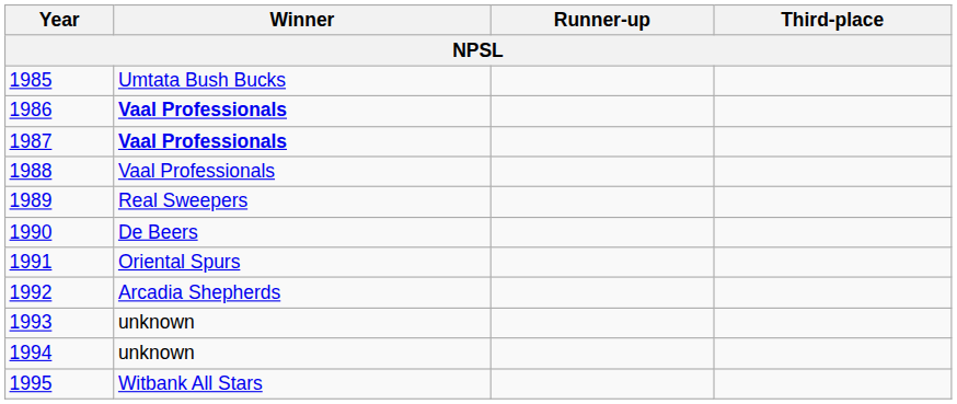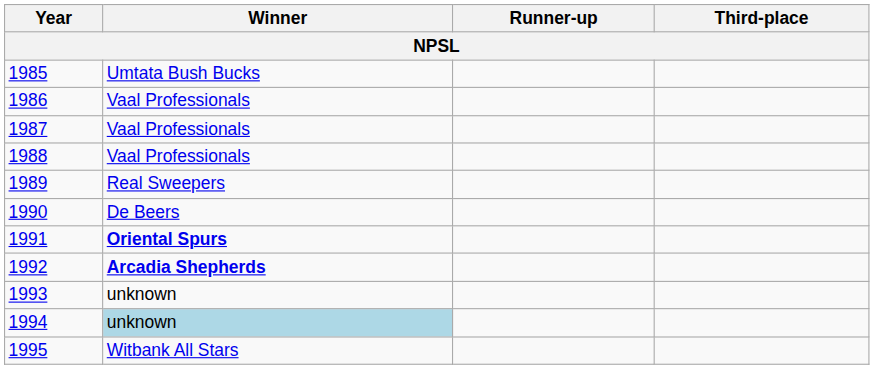 <table class="wikitable"  style="margin-right: auto; border: none; width:40%;">
 <tr>
 <th>Year</th>
 <th>Winner</th>
 <th>Runner-up</th>
 <th>Third-place</th>
 </tr>
 <tr>
 <th colspan="4">NPSL</th>
 </tr>
 <tr>
 <td><a href='#'>1985</a></td>
 <td><a href='#'>Umtata Bush Bucks</a></td>
 <td></td>
 <td></td>
 </tr>
 <tr>
 <td><a href='#'>1986</a></td>
-<td><strong><a href='#'>Vaal Professionals</a></strong></td>
+<td><a href='#'>Vaal Professionals</a></td>
 <td></td>
 <td></td>
 </tr>
 <tr>
 <td><a href='#'>1987</a></td>
-<td><strong><a href='#'>Vaal Professionals</a></strong></td>
+<td><a href='#'>Vaal Professionals</a></td>
 <td></td>
 <td></td>
 </tr>
 <tr>
 <td><a href='#'>1988</a></td>
 <td><a href='#'>Vaal Professionals</a></td>
 <td></td>
 <td></td>
 </tr>
 <tr>
 <td><a href='#'>1989</a></td>
 <td><a href='#'>Real Sweepers</a></td>
 <td></td>
 <td></td>
 </tr>
 <tr>
 <td><a href='#'>1990</a></td>
 <td><a href='#'>De Beers</a></td>
 <td></td>
 <td></td>
 </tr>
 <tr>
 <td><a href='#'>1991</a></td>
-<td><a href='#'>Oriental Spurs</a></td>
+<td><strong><a href='#'>Oriental Spurs</a></strong></td>
 <td></td>
 <td></td>
 </tr>
 <tr>
 <td><a href='#'>1992</a></td>
-<td><a href='#'>Arcadia Shepherds</a></td>
+<td><strong><a href='#'>Arcadia Shepherds</a></strong></td>
 <td></td>
 <td></td>
 </tr>
 <tr>
 <td><a href='#'>1993</a></td>
 <td>unknown</td>
 <td></td>
 <td></td>
 </tr>
 <tr>
 <td><a href='#'>1994</a></td>
-<td>unknown</td>
+<td style="background: lightblue;">unknown</td>
 <td></td>
 <td></td>
 </tr>
 <tr>
 <td><a href='#'>1995</a></td>
 <td><a href='#'>Witbank All Stars</a></td>
 <td></td>
 <td></td>
 </tr>
 </table>
